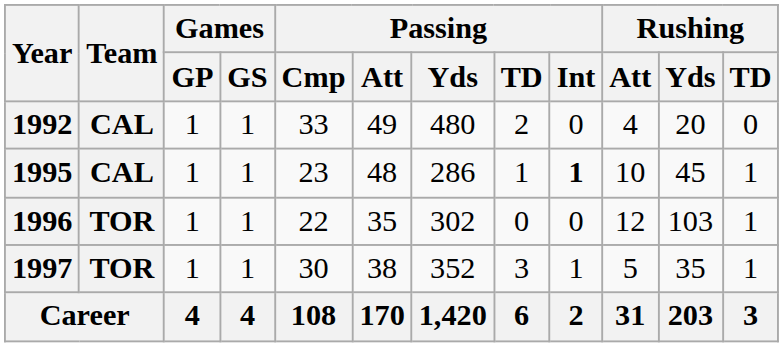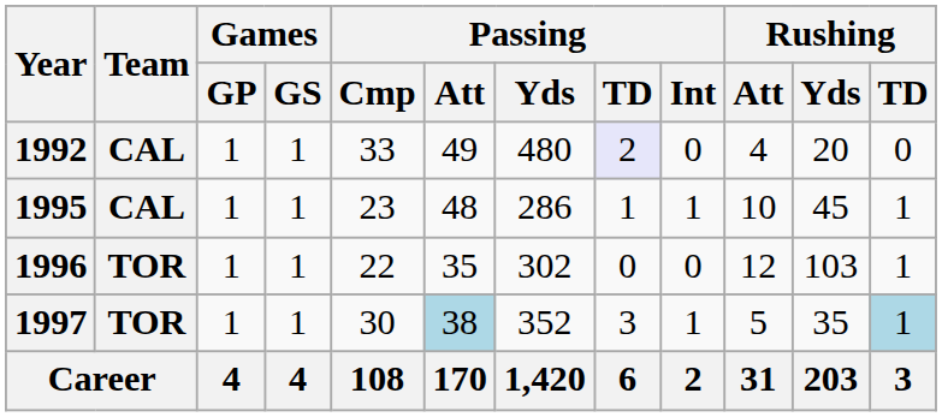 <table class="wikitable" style="text-align: center;">
 <tr>
 <th rowspan="2">Year</th>
 <th rowspan="2">Team</th>
 <th colspan="2">Games</th>
 <th colspan="5">Passing</th>
 <th colspan="3">Rushing</th>
 </tr>
 <tr>
 <th>GP</th>
 <th>GS</th>
 <th>Cmp</th>
 <th>Att</th>
 <th>Yds</th>
 <th>TD</th>
 <th>Int</th>
 <th>Att</th>
 <th>Yds</th>
 <th>TD</th>
 </tr>
 <tr>
 <th>1992</th>
 <th>CAL</th>
 <td>1</td>
 <td>1</td>
 <td>33</td>
 <td>49</td>
 <td>480</td>
-<td>2</td>
+<td style="background: lavender;">2</td>
 <td>0</td>
 <td>4</td>
 <td>20</td>
 <td>0</td>
 </tr>
 <tr>
 <th>1995</th>
 <th>CAL</th>
 <td>1</td>
 <td>1</td>
 <td>23</td>
 <td>48</td>
 <td>286</td>
 <td>1</td>
-<td><strong>1</strong></td>
+<td>1</td>
 <td>10</td>
 <td>45</td>
 <td>1</td>
 </tr>
 <tr>
 <th>1996</th>
 <th>TOR</th>
 <td>1</td>
 <td>1</td>
 <td>22</td>
 <td>35</td>
 <td>302</td>
 <td>0</td>
 <td>0</td>
 <td>12</td>
 <td>103</td>
 <td>1</td>
 </tr>
 <tr>
 <th>1997</th>
 <th>TOR</th>
 <td>1</td>
 <td>1</td>
 <td>30</td>
-<td>38</td>
+<td style="background: lightblue;">38</td>
 <td>352</td>
 <td>3</td>
 <td>1</td>
 <td>5</td>
 <td>35</td>
-<td>1</td>
+<td style="background: lightblue;">1</td>
 </tr>
 <tr>
 <th colspan="2">Career</th>
 <th>4</th>
 <th>4</th>
 <th>108</th>
 <th>170</th>
 <th>1,420</th>
 <th>6</th>
 <th>2</th>
 <th>31</th>
 <th>203</th>
 <th>3</th>
 </tr>
 </table>
